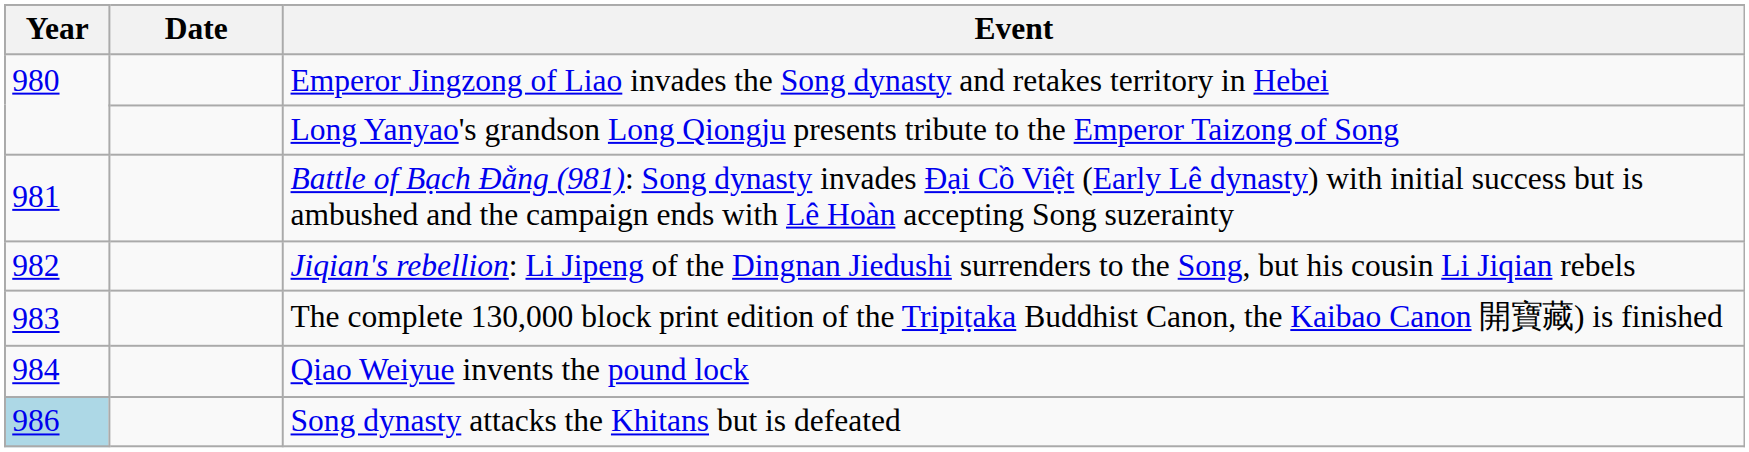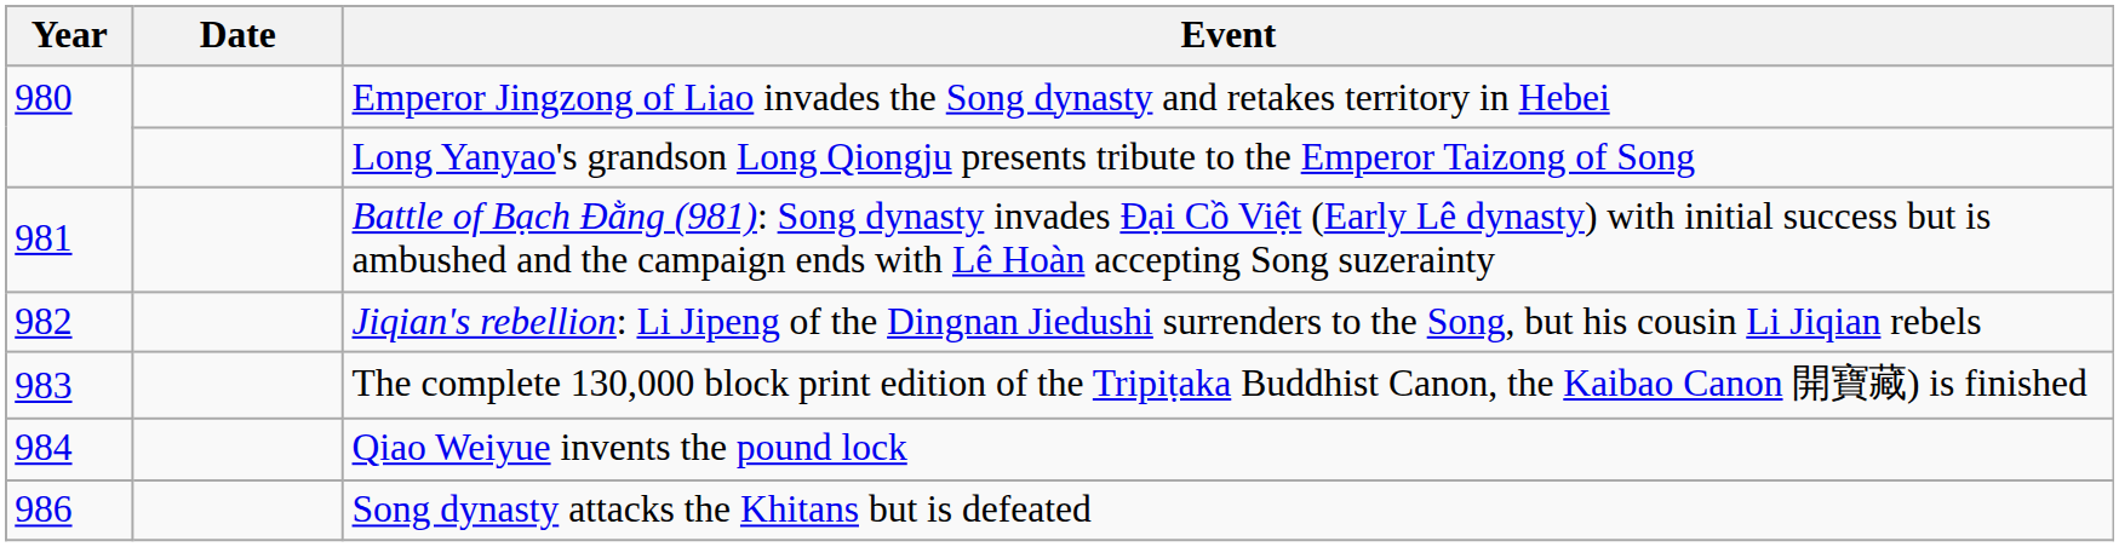 <table class="wikitable" width="100%">
 <tr>
 <th style="width:6%">Year</th>
 <th style="width:10%">Date</th>
 <th>Event</th>
 </tr>
 <tr>
 <td rowspan="2" valign="top"><a href='#'>980</a></td>
 <td></td>
 <td><a href='#'>Emperor Jingzong of Liao</a> invades the <a href='#'>Song dynasty</a> and retakes territory in <a href='#'>Hebei</a></td>
 </tr>
 <tr>
 <td></td>
 <td><a href='#'>Long Yanyao</a>'s grandson <a href='#'>Long Qiongju</a> presents tribute to the <a href='#'>Emperor Taizong of Song</a></td>
 </tr>
 <tr>
 <td><a href='#'>981</a></td>
 <td></td>
 <td><em><a href='#'>Battle of Bạch Đằng (981)</a></em>: <a href='#'>Song dynasty</a> invades <a href='#'>Đại Cồ Việt</a> (<a href='#'>Early Lê dynasty</a>) with initial success but is ambushed and the campaign ends with <a href='#'>Lê Hoàn</a> accepting Song suzerainty</td>
 </tr>
 <tr>
 <td><a href='#'>982</a></td>
 <td></td>
 <td><em><a href='#'>Jiqian's rebellion</a></em>: <a href='#'>Li Jipeng</a> of the <a href='#'>Dingnan Jiedushi</a> surrenders to the <a href='#'>Song</a>, but his cousin <a href='#'>Li Jiqian</a> rebels</td>
 </tr>
 <tr>
 <td><a href='#'>983</a></td>
 <td></td>
 <td>The complete 130,000 block print edition of the <a href='#'>Tripiṭaka</a> Buddhist Canon, the <a href='#'>Kaibao Canon</a> 開寶藏) is finished</td>
 </tr>
 <tr>
 <td><a href='#'>984</a></td>
 <td></td>
 <td><a href='#'>Qiao Weiyue</a> invents the <a href='#'>pound lock</a></td>
 </tr>
 <tr>
-<td style="background: lightblue;"><a href='#'>986</a></td>
+<td><a href='#'>986</a></td>
 <td></td>
 <td><a href='#'>Song dynasty</a> attacks the <a href='#'>Khitans</a> but is defeated</td>
 </tr>
 </table>
